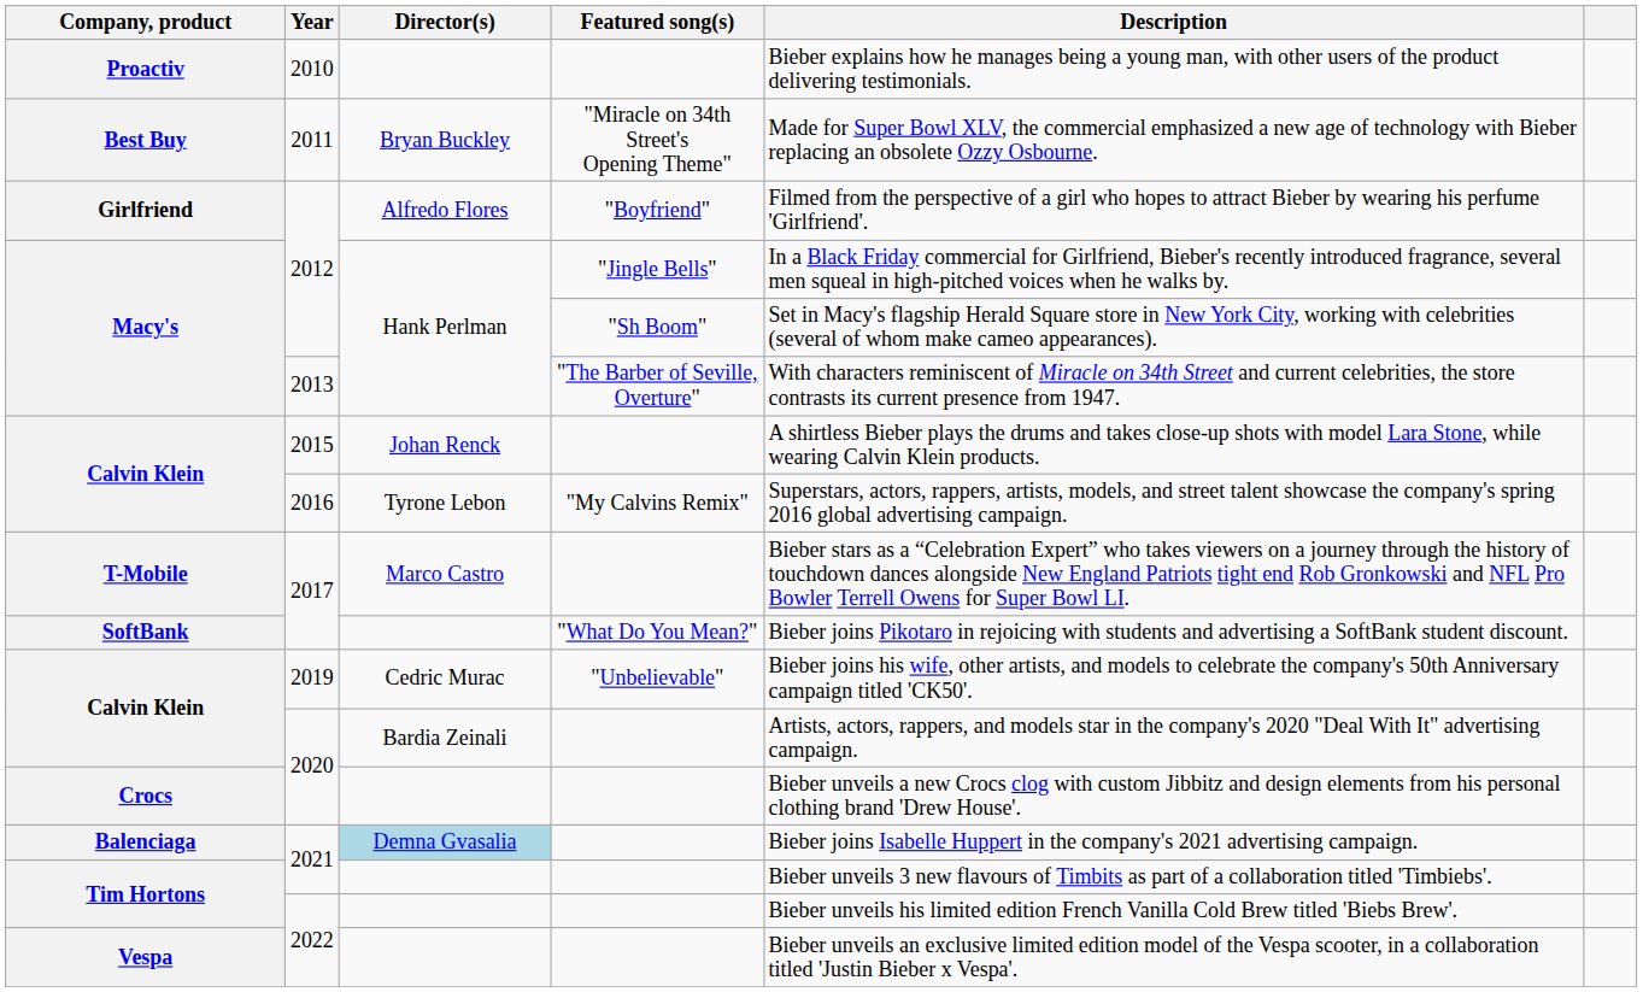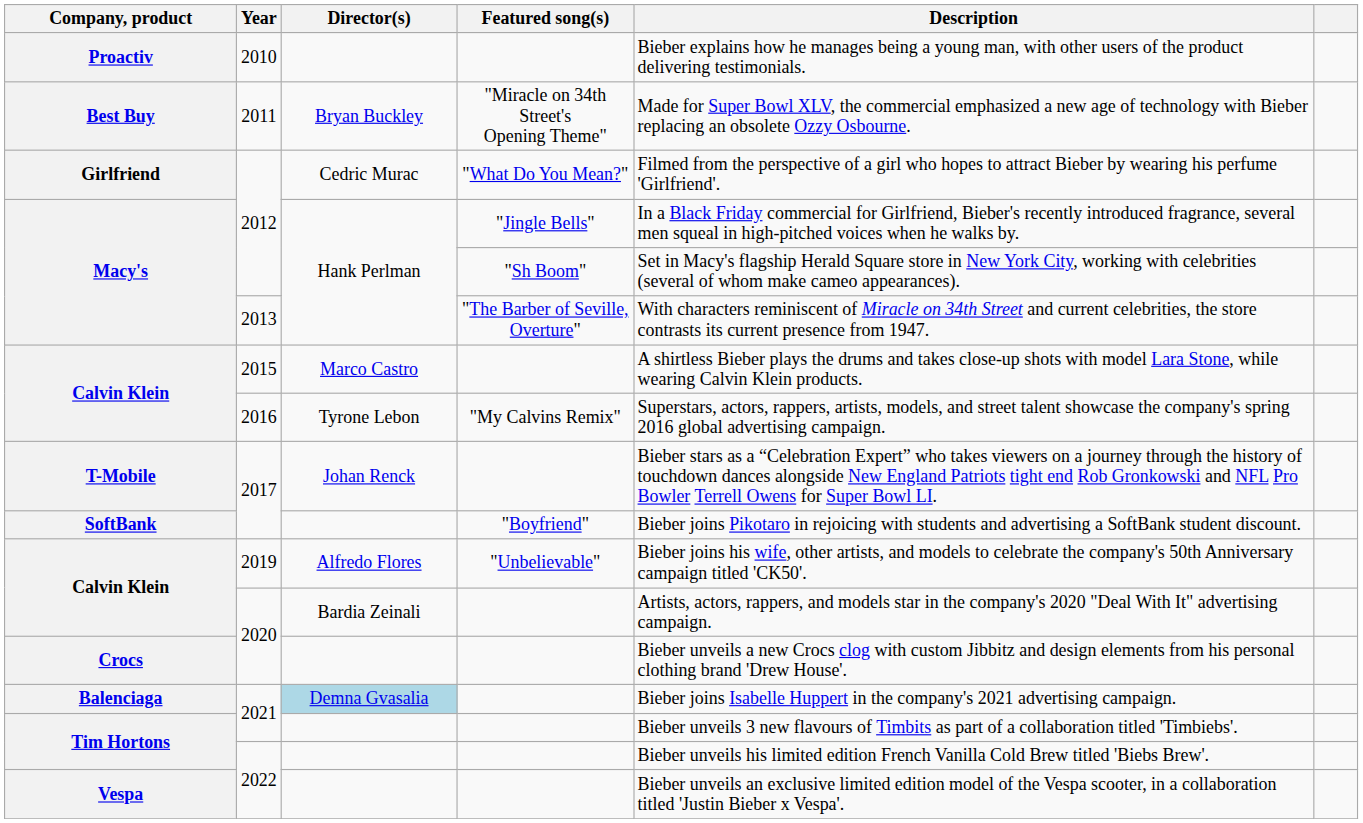 <table class="wikitable sortable plainrowheaders" style="text-align:center;">
 <tr>
 <th scope="col" style="width:200px;">Company, product</th>
 <th scope="col" style="width:5px;;">Year</th>
 <th scope="col" style="width:150px;">Director(s)</th>
 <th scope="col" style="width:150px;">Featured song(s)</th>
 <th scope="col" style="width:600px;" class="unsortable">Description</th>
 <th scope="col" style="width: 2em;" class="unsortable"></th>
 </tr>
 <tr>
 <th scope=row><a href='#'>Proactiv</a></th>
 <td>2010</td>
 <td></td>
 <td></td>
 <td style="text-align:left;">Bieber explains how he manages being a young man, with other users of the product delivering testimonials.</td>
 <td></td>
 </tr>
 <tr>
 <th scope=row><a href='#'>Best Buy</a></th>
 <td>2011</td>
 <td><a href='#'>Bryan Buckley</a></td>
 <td>"Miracle on 34th Street's<br>Opening Theme"</td>
 <td style="text-align:left;">Made for <a href='#'>Super Bowl XLV</a>, the commercial emphasized a new age of technology with Bieber replacing an obsolete <a href='#'>Ozzy Osbourne</a>.</td>
 <td></td>
 </tr>
 <tr>
 <th scope=row>Girlfriend</th>
 <td rowspan="3">2012</td>
-<td><a href='#'>Alfredo Flores</a></td>
-<td>"<a href='#'>Boyfriend</a>"</td>
+<td>Cedric Murac</td>
+<td>"<a href='#'>What Do You Mean?</a>"</td>
 <td style="text-align:left;">Filmed from the perspective of a girl who hopes to attract Bieber by wearing his perfume 'Girlfriend'.</td>
 <td></td>
 </tr>
 <tr>
 <th scope=row rowspan="3"><a href='#'>Macy's</a></th>
 <td rowspan="3">Hank Perlman</td>
 <td>"<a href='#'>Jingle Bells</a>"</td>
 <td style="text-align:left;">In a <a href='#'>Black Friday</a> commercial for Girlfriend, Bieber's recently introduced fragrance, several men squeal in high-pitched voices when he walks by.</td>
 <td></td>
 </tr>
 <tr>
 <td>"<a href='#'>Sh Boom</a>"</td>
 <td style="text-align:left;">Set in Macy's flagship Herald Square store in <a href='#'>New York City</a>, working with celebrities (several of whom make cameo appearances).</td>
 <td></td>
 </tr>
 <tr>
 <td>2013</td>
 <td>"<a href='#'>The Barber of Seville, Overture</a>"</td>
 <td style="text-align:left;">With characters reminiscent of <em><a href='#'>Miracle on 34th Street</a></em> and current celebrities, the store contrasts its current presence from 1947.</td>
 <td></td>
 </tr>
 <tr>
 <th scope=row rowspan="2"><a href='#'>Calvin Klein</a></th>
 <td>2015</td>
-<td><a href='#'>Johan Renck</a></td>
+<td><a href='#'>Marco Castro</a></td>
 <td></td>
 <td style="text-align:left;">A shirtless Bieber plays the drums and takes close-up shots with model <a href='#'>Lara Stone</a>, while wearing Calvin Klein products.</td>
 <td><br></td>
 </tr>
 <tr>
 <td>2016</td>
 <td>Tyrone Lebon</td>
 <td>"My Calvins Remix"</td>
 <td style="text-align:left;">Superstars, actors, rappers, artists, models, and street talent showcase the company's spring 2016 global advertising campaign.</td>
 <td><br></td>
 </tr>
 <tr>
 <th scope=row><a href='#'>T-Mobile</a></th>
 <td rowspan="2">2017</td>
-<td><a href='#'>Marco Castro</a></td>
+<td><a href='#'>Johan Renck</a></td>
 <td></td>
 <td style="text-align:left;">Bieber stars as a “Celebration Expert” who takes viewers on a journey through the history of touchdown dances alongside <a href='#'>New England Patriots</a> <a href='#'>tight end</a> <a href='#'>Rob Gronkowski</a> and <a href='#'>NFL</a> <a href='#'>Pro Bowler</a> <a href='#'>Terrell Owens</a> for <a href='#'>Super Bowl LI</a>.</td>
 <td></td>
 </tr>
 <tr>
 <th scope=row><a href='#'>SoftBank</a></th>
 <td></td>
-<td>"<a href='#'>What Do You Mean?</a>"</td>
+<td>"<a href='#'>Boyfriend</a>"</td>
 <td style="text-align:left;">Bieber joins <a href='#'>Pikotaro</a> in rejoicing with students and advertising a SoftBank student discount.</td>
 <td></td>
 </tr>
 <tr>
 <th scope=row rowspan="2">Calvin Klein</th>
 <td>2019</td>
-<td>Cedric Murac</td>
+<td><a href='#'>Alfredo Flores</a></td>
 <td>"<a href='#'>Unbelievable</a>"</td>
 <td style="text-align:left;">Bieber joins his <a href='#'>wife</a>, other artists, and models to celebrate the company's 50th Anniversary campaign titled 'CK50'.</td>
 <td></td>
 </tr>
 <tr>
 <td rowspan="2">2020</td>
 <td>Bardia Zeinali</td>
 <td></td>
 <td style="text-align:left;">Artists, actors, rappers, and models star in the company's 2020 "Deal With It" advertising campaign.</td>
 <td></td>
 </tr>
 <tr>
 <th scope=row><a href='#'>Crocs</a></th>
 <td></td>
 <td></td>
 <td style="text-align:left;">Bieber unveils a new Crocs <a href='#'>clog</a> with custom Jibbitz and design elements from his personal clothing brand 'Drew House'.</td>
 <td></td>
 </tr>
 <tr>
 <th scope=row><a href='#'>Balenciaga</a></th>
 <td rowspan="2">2021</td>
 <td style="background: lightblue;"><a href='#'>Demna Gvasalia</a></td>
 <td></td>
 <td style="text-align:left;">Bieber joins <a href='#'>Isabelle Huppert</a> in the company's 2021 advertising campaign.</td>
 <td></td>
 </tr>
 <tr>
 <th scope=row rowspan="2"><a href='#'>Tim Hortons</a></th>
 <td></td>
 <td></td>
 <td style="text-align:left;">Bieber unveils 3 new flavours of <a href='#'>Timbits</a> as part of a collaboration titled 'Timbiebs'.</td>
 <td></td>
 </tr>
 <tr>
 <td rowspan="2">2022</td>
 <td></td>
 <td></td>
 <td style="text-align:left;">Bieber unveils his limited edition French Vanilla Cold Brew titled 'Biebs Brew'.</td>
 <td></td>
 </tr>
 <tr>
 <th scope=row><a href='#'>Vespa</a></th>
 <td></td>
 <td></td>
 <td style="text-align:left;">Bieber unveils an exclusive limited edition model of the Vespa scooter, in a collaboration titled 'Justin Bieber x Vespa'.</td>
 <td></td>
 </tr>
 </table>
